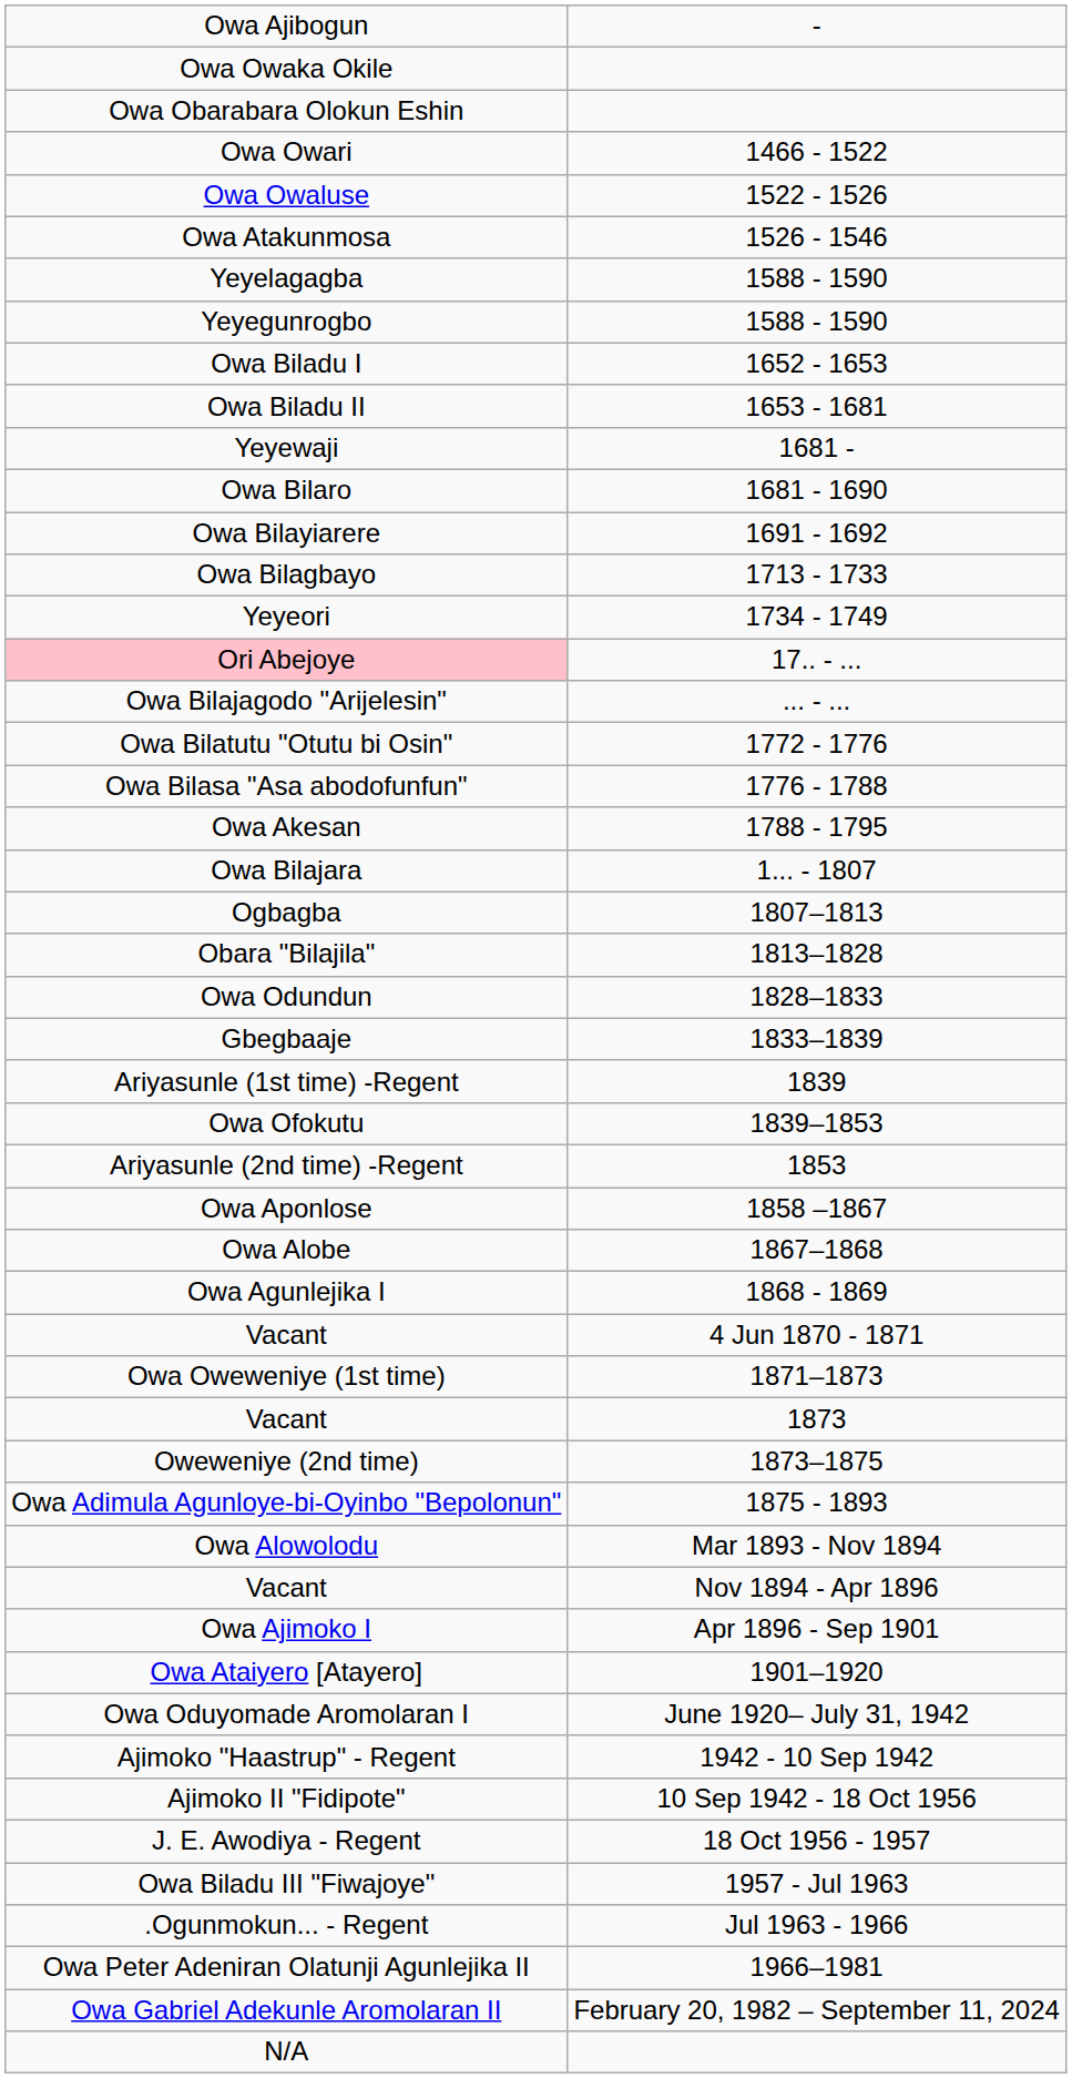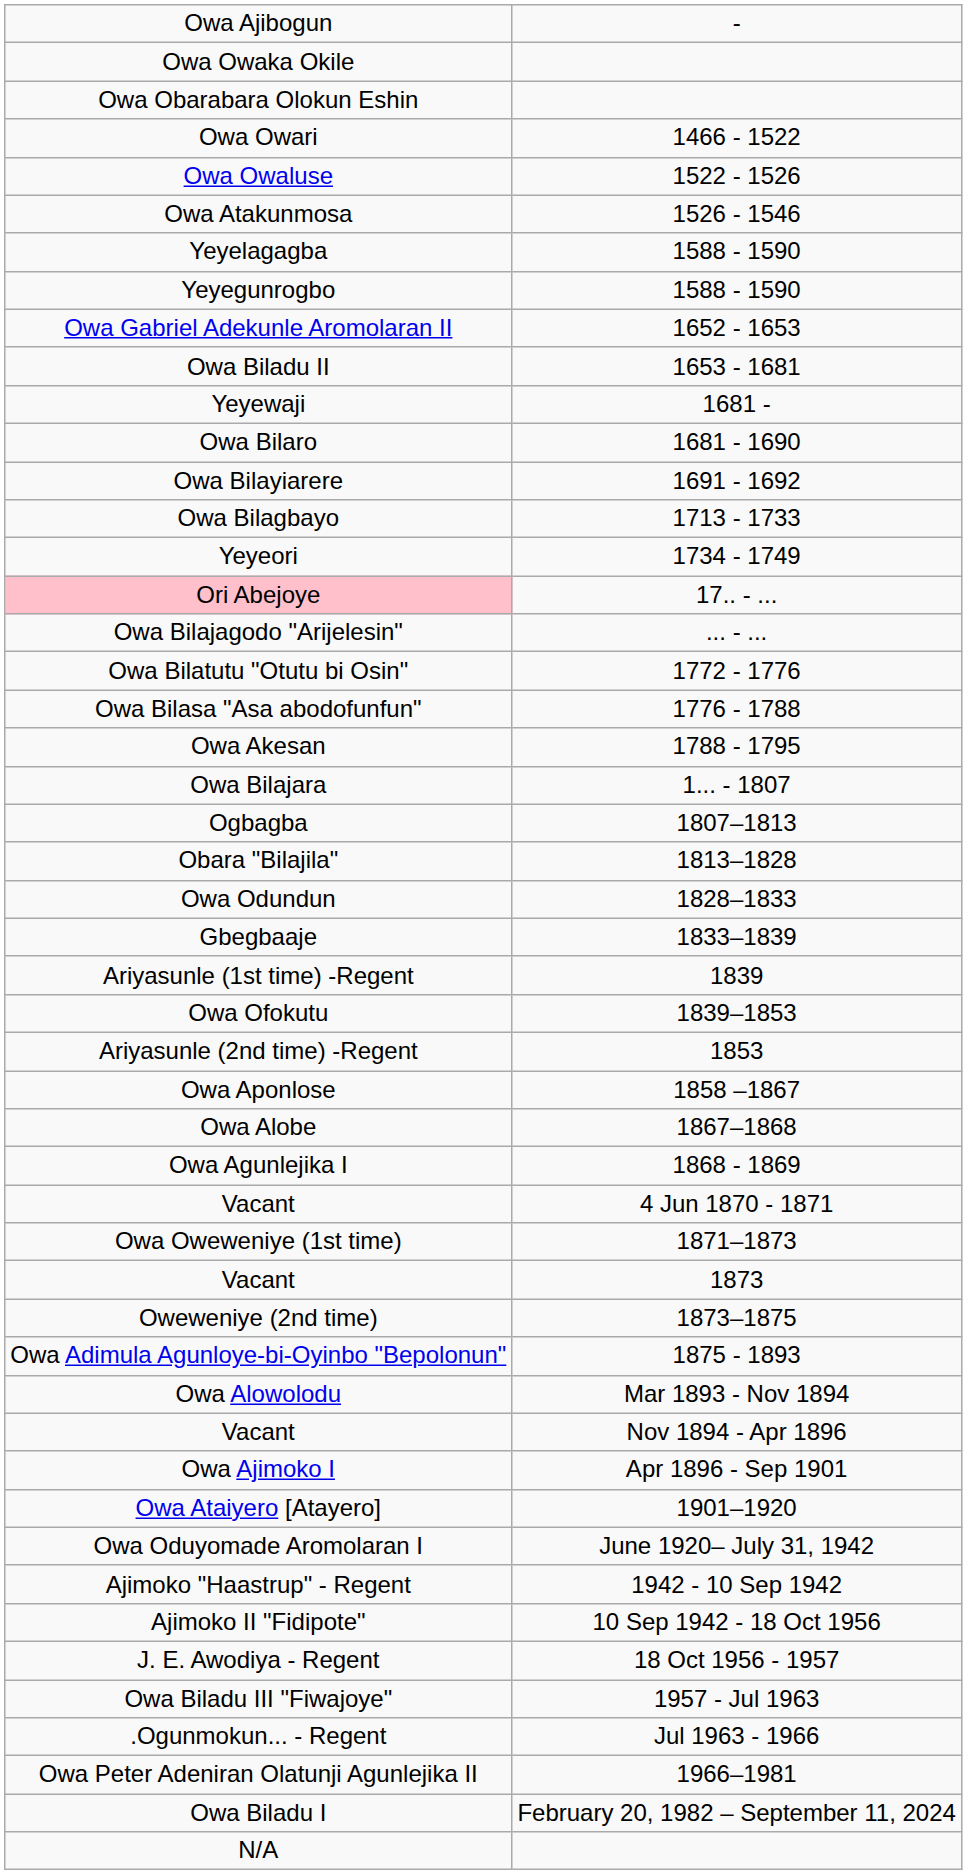 <table class="wikitable" style="text-align:center">
 <tr>
 <td>Owa Ajibogun</td>
 <td>-</td>
 </tr>
 <tr>
 <td>Owa Owaka Okile</td>
 <td></td>
 </tr>
 <tr>
 <td>Owa Obarabara Olokun Eshin</td>
 <td></td>
 </tr>
 <tr>
 <td>Owa Owari</td>
 <td>1466 - 1522</td>
 </tr>
 <tr>
 <td><a href='#'>Owa Owaluse</a></td>
 <td>1522 - 1526</td>
 </tr>
 <tr>
 <td>Owa Atakunmosa</td>
 <td>1526 - 1546</td>
 </tr>
 <tr>
 <td>Yeyelagagba</td>
 <td>1588 - 1590</td>
 </tr>
 <tr>
 <td>Yeyegunrogbo</td>
 <td>1588 - 1590</td>
 </tr>
 <tr>
-<td>Owa Biladu I</td>
+<td><a href='#'>Owa Gabriel Adekunle Aromolaran II</a></td>
 <td>1652 - 1653</td>
 </tr>
 <tr>
 <td>Owa Biladu II</td>
 <td>1653 - 1681</td>
 </tr>
 <tr>
 <td>Yeyewaji</td>
 <td>1681 -</td>
 </tr>
 <tr>
 <td>Owa Bilaro</td>
 <td>1681 - 1690</td>
 </tr>
 <tr>
 <td>Owa Bilayiarere</td>
 <td>1691 - 1692</td>
 </tr>
 <tr>
 <td>Owa Bilagbayo</td>
 <td>1713 - 1733</td>
 </tr>
 <tr>
 <td>Yeyeori</td>
 <td>1734 - 1749</td>
 </tr>
 <tr>
 <td style="background: pink;">Ori Abejoye</td>
 <td>17.. - ...</td>
 </tr>
 <tr>
 <td>Owa Bilajagodo "Arijelesin"</td>
 <td>... - ...</td>
 </tr>
 <tr>
 <td>Owa Bilatutu "Otutu bi Osin"</td>
 <td>1772 - 1776</td>
 </tr>
 <tr>
 <td>Owa Bilasa "Asa abodofunfun"</td>
 <td>1776 - 1788</td>
 </tr>
 <tr>
 <td>Owa Akesan</td>
 <td>1788 - 1795</td>
 </tr>
 <tr>
 <td>Owa Bilajara</td>
 <td>1... - 1807</td>
 </tr>
 <tr>
 <td>Ogbagba</td>
 <td>1807–1813</td>
 </tr>
 <tr>
 <td>Obara "Bilajila"</td>
 <td>1813–1828</td>
 </tr>
 <tr>
 <td>Owa Odundun</td>
 <td>1828–1833</td>
 </tr>
 <tr>
 <td>Gbegbaaje</td>
 <td>1833–1839</td>
 </tr>
 <tr>
 <td>Ariyasunle (1st time) -Regent</td>
 <td>1839</td>
 </tr>
 <tr>
 <td>Owa Ofokutu</td>
 <td>1839–1853</td>
 </tr>
 <tr>
 <td>Ariyasunle (2nd time) -Regent</td>
 <td>1853</td>
 </tr>
 <tr>
 <td>Owa Aponlose</td>
 <td>1858 –1867</td>
 </tr>
 <tr>
 <td>Owa Alobe</td>
 <td>1867–1868</td>
 </tr>
 <tr>
 <td>Owa Agunlejika I</td>
 <td>1868 - 1869</td>
 </tr>
 <tr>
 <td>Vacant</td>
 <td>4 Jun 1870 - 1871</td>
 </tr>
 <tr>
 <td>Owa Oweweniye (1st time)</td>
 <td>1871–1873</td>
 </tr>
 <tr>
 <td>Vacant</td>
 <td>1873</td>
 </tr>
 <tr>
 <td>Oweweniye (2nd time)</td>
 <td>1873–1875</td>
 </tr>
 <tr>
 <td>Owa <a href='#'>Adimula Agunloye-bi-Oyinbo "Bepolonun"</a></td>
 <td>1875 - 1893</td>
 </tr>
 <tr>
 <td>Owa <a href='#'>Alowolodu</a></td>
 <td>Mar 1893 - Nov 1894</td>
 </tr>
 <tr>
 <td>Vacant</td>
 <td>Nov 1894 - Apr 1896</td>
 </tr>
 <tr>
 <td>Owa <a href='#'>Ajimoko I</a></td>
 <td>Apr 1896 - Sep 1901</td>
 </tr>
 <tr>
 <td><a href='#'>Owa Ataiyero</a> [Atayero]</td>
 <td>1901–1920</td>
 </tr>
 <tr>
 <td>Owa Oduyomade Aromolaran I</td>
 <td>June 1920– July 31, 1942</td>
 </tr>
 <tr>
 <td>Ajimoko "Haastrup" - Regent</td>
 <td>1942 - 10 Sep 1942</td>
 </tr>
 <tr>
 <td>Ajimoko II "Fidipote"</td>
 <td>10 Sep 1942 - 18 Oct 1956</td>
 </tr>
 <tr>
 <td>J. E. Awodiya - Regent</td>
 <td>18 Oct 1956 - 1957</td>
 </tr>
 <tr>
 <td>Owa Biladu III "Fiwajoye"</td>
 <td>1957 - Jul 1963</td>
 </tr>
 <tr>
 <td>.Ogunmokun... - Regent</td>
 <td>Jul 1963 - 1966</td>
 </tr>
 <tr>
 <td>Owa Peter Adeniran Olatunji Agunlejika II</td>
 <td>1966–1981</td>
 </tr>
 <tr>
-<td><a href='#'>Owa Gabriel Adekunle Aromolaran II</a></td>
+<td>Owa Biladu I</td>
 <td>February 20, 1982 – September 11, 2024</td>
 </tr>
 <tr>
 <td>N/A</td>
 <td></td>
 </tr>
 </table>
